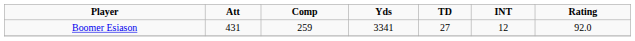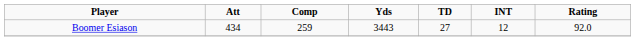 <table class="wikitable" width="80%">
 <tr align="center">
 <td><strong>Player</strong></td>
 <td><strong>Att</strong></td>
 <td><strong>Comp</strong></td>
 <td><strong>Yds</strong></td>
 <td><strong>TD</strong></td>
 <td><strong>INT</strong></td>
 <td><strong>Rating</strong></td>
 </tr>
 <tr align="center" bgcolor="">
 <td><a href='#'>Boomer Esiason</a></td>
-<td>431</td>
+<td>434</td>
 <td>259</td>
-<td>3341</td>
+<td>3443</td>
 <td>27</td>
 <td>12</td>
 <td>92.0</td>
 </tr>
 <tr align="center" bgcolor="">
 </tr>
 </table>
